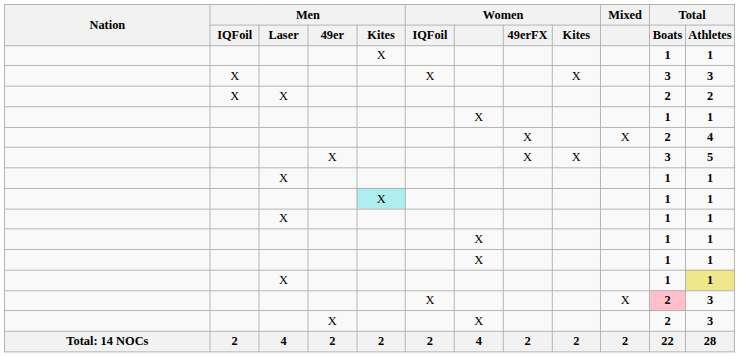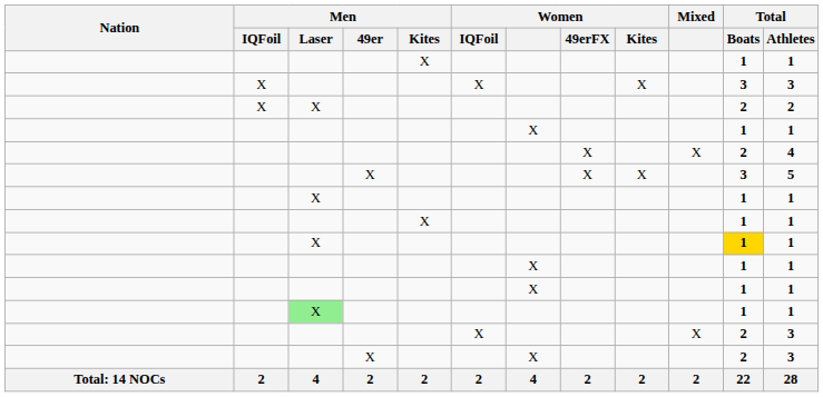 <table class=wikitable width=850 style="text-align:center; font-size:90%">
 <tr>
 <th rowspan="2" align="left">Nation</th>
 <th colspan="4">Men</th>
 <th colspan="4">Women</th>
 <th colspan=1>Mixed</th>
 <th colspan=2>Total</th>
 </tr>
 <tr>
 <th width=50>IQFoil</th>
 <th width=50>Laser</th>
 <th width=50>49er</th>
 <th width=50>Kites</th>
 <th width=50>IQFoil</th>
 <th width=50></th>
 <th width=50>49erFX</th>
 <th width=50>Kites</th>
 <th width=50></th>
 <th width=35>Boats</th>
 <th width=49>Athletes</th>
 </tr>
 <tr>
 <td align=left></td>
 <td></td>
 <td></td>
 <td></td>
 <td>X</td>
 <td></td>
 <td></td>
 <td></td>
 <td></td>
 <td></td>
 <td><strong>1</strong></td>
 <td><strong>1</strong></td>
 </tr>
 <tr>
 <td align=left></td>
 <td>X</td>
 <td></td>
 <td></td>
 <td></td>
 <td>X</td>
 <td></td>
 <td></td>
 <td>X</td>
 <td></td>
 <td><strong>3</strong></td>
 <td><strong>3</strong></td>
 </tr>
 <tr>
 <td align=left></td>
 <td>X</td>
 <td>X</td>
 <td></td>
 <td></td>
 <td></td>
 <td></td>
 <td></td>
 <td></td>
 <td></td>
 <td><strong>2</strong></td>
 <td><strong>2</strong></td>
 </tr>
 <tr>
 <td align=left></td>
 <td></td>
 <td></td>
 <td></td>
 <td></td>
 <td></td>
 <td>X</td>
 <td></td>
 <td></td>
 <td></td>
 <td><strong>1</strong></td>
 <td><strong>1</strong></td>
 </tr>
 <tr>
 <td align=left></td>
 <td></td>
 <td></td>
 <td></td>
 <td></td>
 <td></td>
 <td></td>
 <td>X</td>
 <td></td>
 <td>X</td>
 <td><strong>2</strong></td>
 <td><strong>4</strong></td>
 </tr>
 <tr>
 <td align=left></td>
 <td></td>
 <td></td>
 <td>X</td>
 <td></td>
 <td></td>
 <td></td>
 <td>X</td>
 <td>X</td>
 <td></td>
 <td><strong>3</strong></td>
 <td><strong>5</strong></td>
 </tr>
 <tr>
 <td align=left></td>
 <td></td>
 <td>X</td>
 <td></td>
 <td></td>
 <td></td>
 <td></td>
 <td></td>
 <td></td>
 <td></td>
 <td><strong>1</strong></td>
 <td><strong>1</strong></td>
 </tr>
 <tr>
 <td align=left></td>
 <td></td>
 <td></td>
 <td></td>
-<td style="background: paleturquoise;">X</td>
+<td>X</td>
 <td></td>
 <td></td>
 <td></td>
 <td></td>
 <td></td>
 <td><strong>1</strong></td>
 <td><strong>1</strong></td>
 </tr>
 <tr>
 <td align=left></td>
 <td></td>
 <td>X</td>
 <td></td>
 <td></td>
 <td></td>
 <td></td>
 <td></td>
 <td></td>
 <td></td>
-<td><strong>1</strong></td>
+<td style="background: gold;"><strong>1</strong></td>
 <td><strong>1</strong></td>
 </tr>
 <tr>
 <td align=left></td>
 <td></td>
 <td></td>
 <td></td>
 <td></td>
 <td></td>
 <td>X</td>
 <td></td>
 <td></td>
 <td></td>
 <td><strong>1</strong></td>
 <td><strong>1</strong></td>
 </tr>
 <tr>
 <td align=left></td>
 <td></td>
 <td></td>
 <td></td>
 <td></td>
 <td></td>
 <td>X</td>
 <td></td>
 <td></td>
 <td></td>
 <td><strong>1</strong></td>
 <td><strong>1</strong></td>
 </tr>
 <tr>
 <td align=left></td>
 <td></td>
-<td>X</td>
+<td style="background: lightgreen;">X</td>
 <td></td>
 <td></td>
 <td></td>
 <td></td>
 <td></td>
 <td></td>
 <td></td>
 <td><strong>1</strong></td>
-<td style="background: khaki;"><strong>1</strong></td>
+<td><strong>1</strong></td>
 </tr>
 <tr>
 <td align=left></td>
 <td></td>
 <td></td>
 <td></td>
 <td></td>
 <td>X</td>
 <td></td>
 <td></td>
 <td></td>
 <td>X</td>
-<td style="background: pink;"><strong>2</strong></td>
+<td><strong>2</strong></td>
 <td><strong>3</strong></td>
 </tr>
 <tr>
 <td align=left></td>
 <td></td>
 <td></td>
 <td>X</td>
 <td></td>
 <td></td>
 <td>X</td>
 <td></td>
 <td></td>
 <td></td>
 <td><strong>2</strong></td>
 <td><strong>3</strong></td>
 </tr>
 <tr>
 <th>Total: 14 NOCs</th>
 <th>2</th>
 <th>4</th>
 <th>2</th>
 <th>2</th>
 <th>2</th>
 <th>4</th>
 <th>2</th>
 <th>2</th>
 <th>2</th>
 <th>22</th>
 <th>28</th>
 </tr>
 </table>
